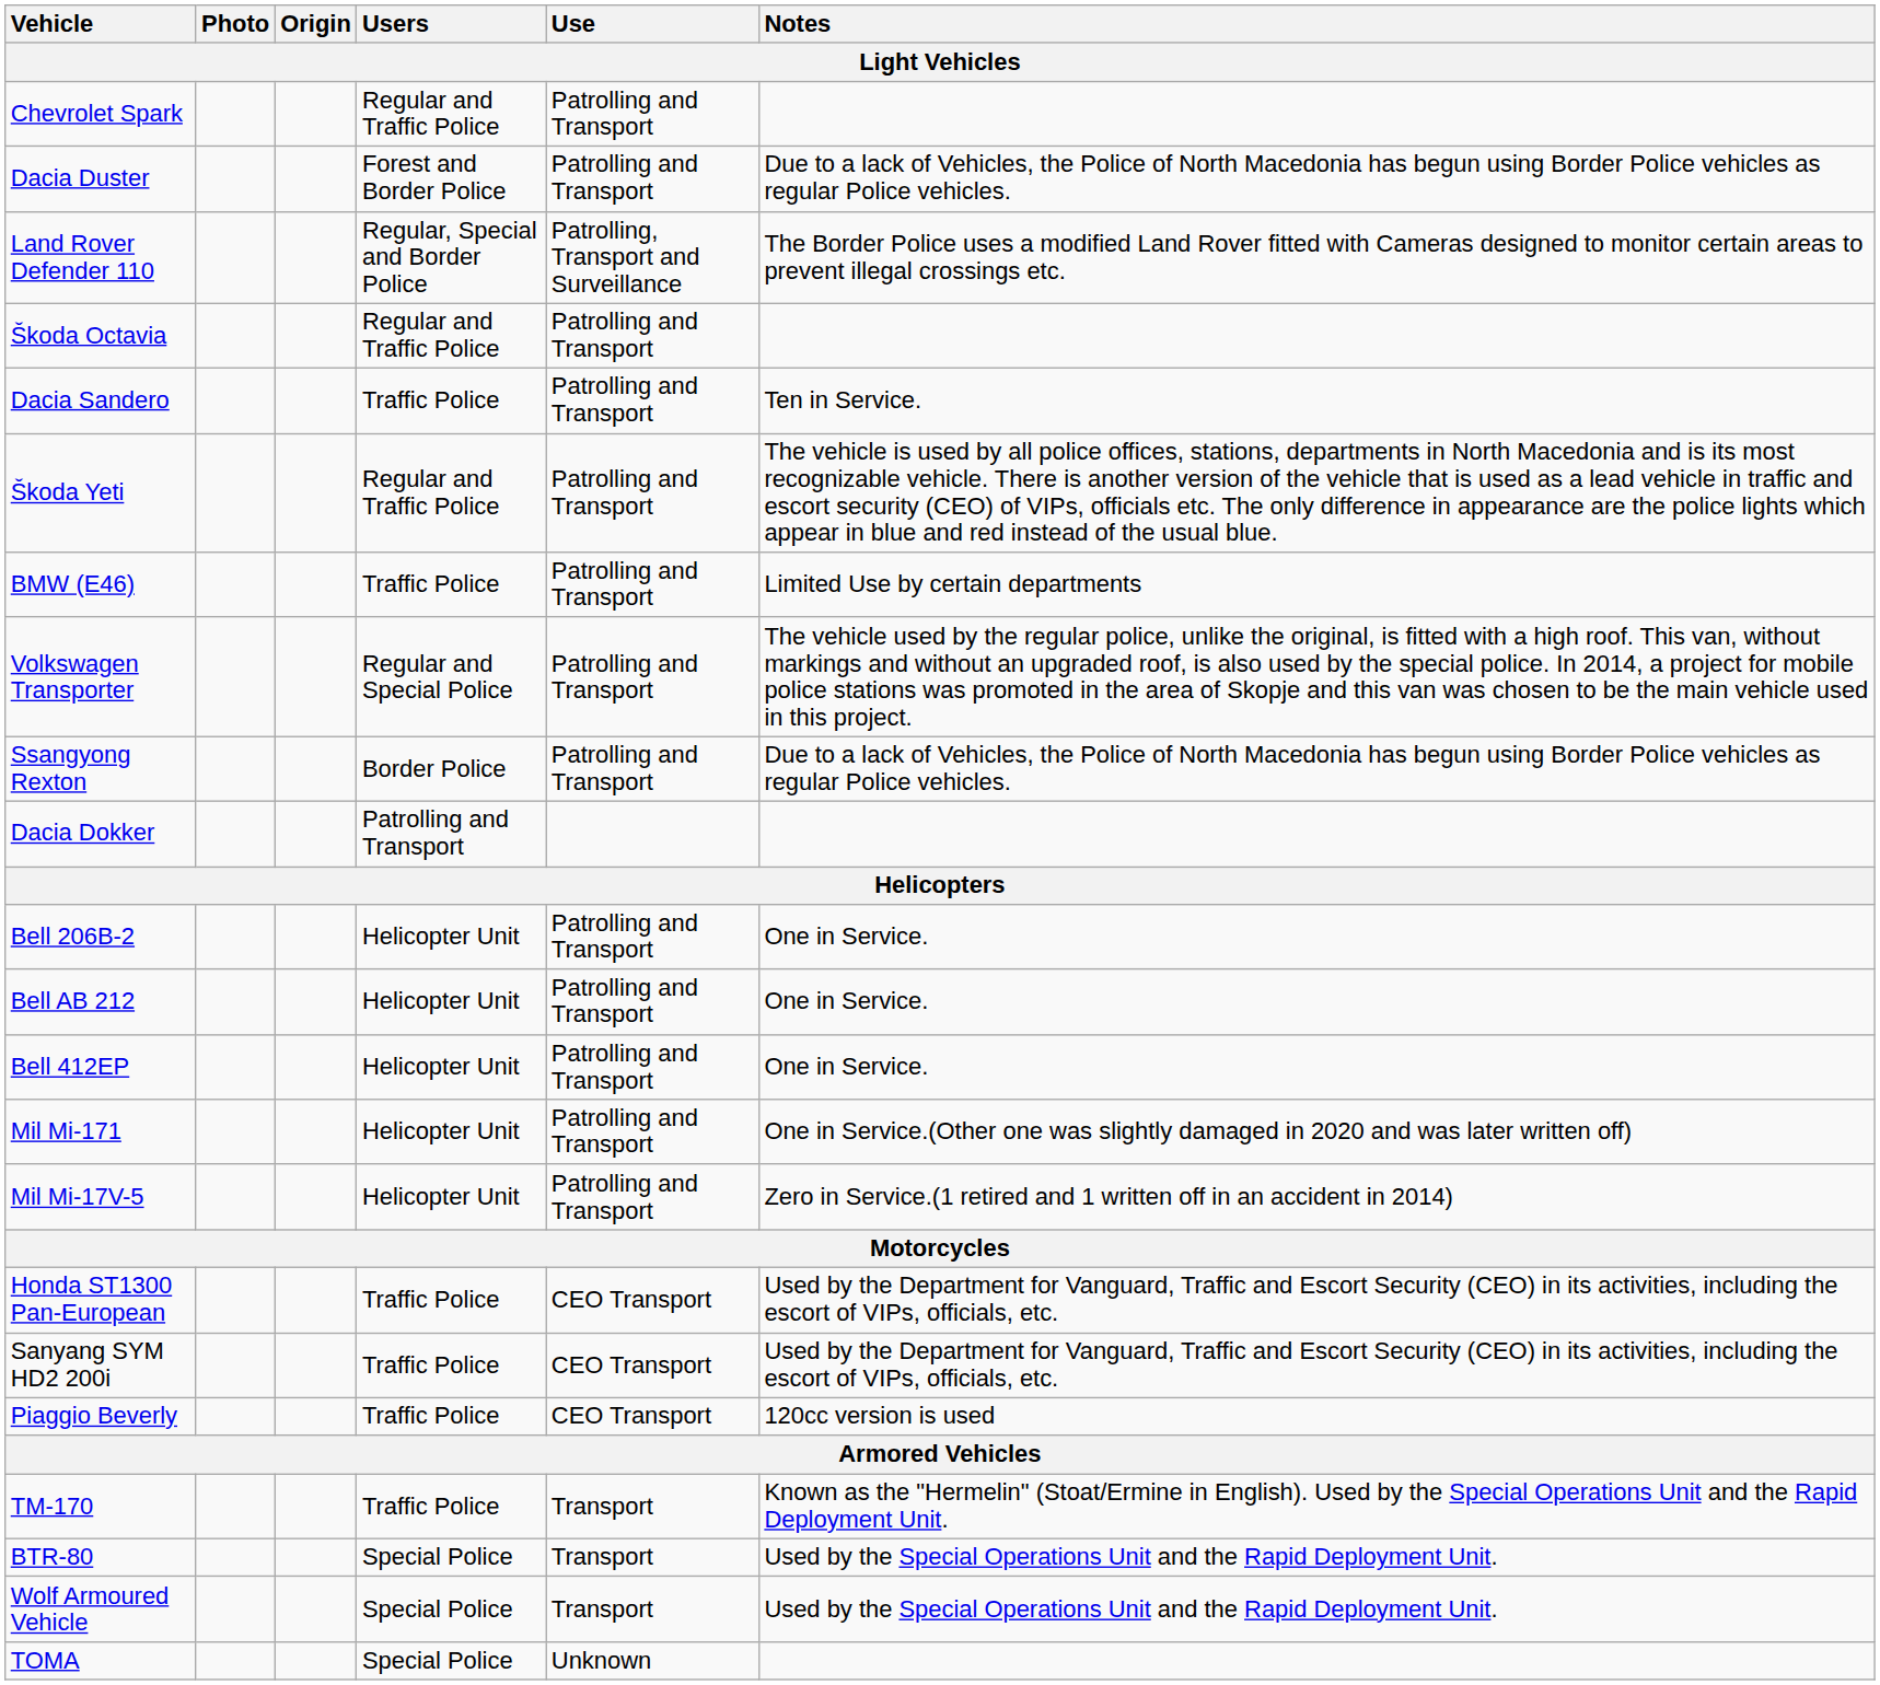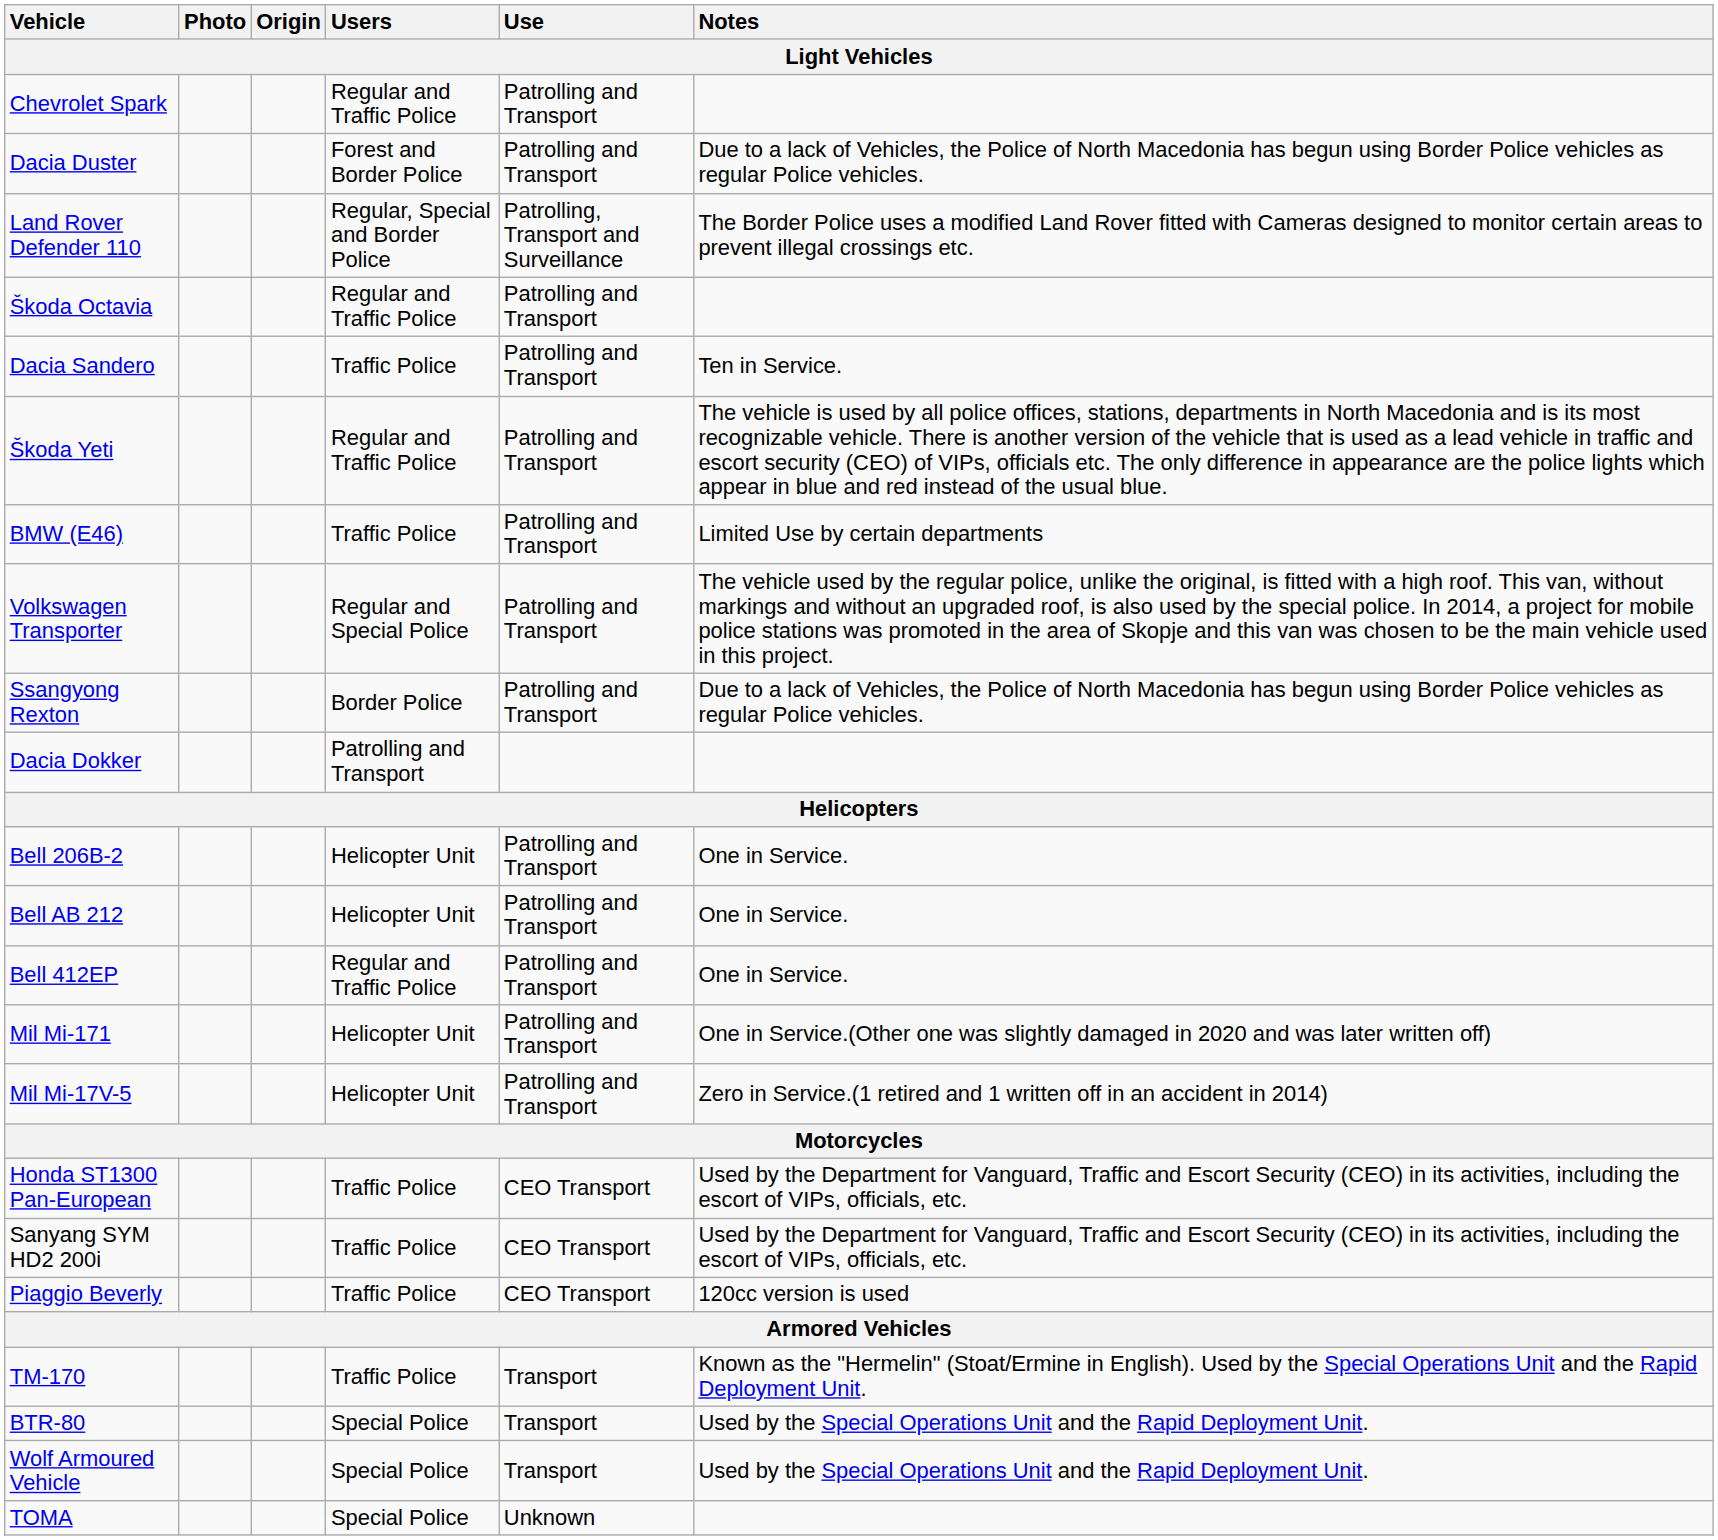 <table class="wikitable">
 <tr>
 <th style="text-align: left;">Vehicle</th>
 <th style="text-align: left;">Photo</th>
 <th style="text-align: left;">Origin</th>
 <th style="text-align: left;">Users</th>
 <th style="text-align: left;">Use</th>
 <th style="text-align: left;">Notes</th>
 </tr>
 <tr>
 <th style="align: center;" colspan=7>Light Vehicles</th>
 </tr>
 <tr>
 <td><a href='#'>Chevrolet Spark</a></td>
 <td></td>
 <td></td>
 <td>Regular and Traffic Police</td>
 <td>Patrolling and Transport</td>
 <td></td>
 </tr>
 <tr>
 <td><a href='#'>Dacia Duster</a></td>
 <td></td>
 <td></td>
 <td>Forest and Border Police</td>
 <td>Patrolling and Transport</td>
 <td>Due to a lack of Vehicles, the Police of North Macedonia has begun using Border Police vehicles as regular Police vehicles.</td>
 </tr>
 <tr>
 <td><a href='#'>Land Rover Defender 110</a></td>
 <td></td>
 <td></td>
 <td>Regular, Special and Border Police</td>
 <td>Patrolling, Transport and Surveillance</td>
 <td>The Border Police uses a modified Land Rover fitted with Cameras designed to monitor certain areas to prevent illegal crossings etc.</td>
 </tr>
 <tr>
 <td><a href='#'>Škoda Octavia</a></td>
 <td></td>
 <td></td>
 <td>Regular and Traffic Police</td>
 <td>Patrolling and Transport</td>
 <td></td>
 </tr>
 <tr>
 <td><a href='#'>Dacia Sandero</a></td>
 <td></td>
 <td></td>
 <td>Traffic Police</td>
 <td>Patrolling and Transport</td>
 <td>Ten in Service.</td>
 </tr>
 <tr>
 <td><a href='#'>Škoda Yeti</a></td>
 <td></td>
 <td></td>
 <td>Regular and Traffic Police</td>
 <td>Patrolling and Transport</td>
 <td>The vehicle is used by all police offices, stations, departments in North Macedonia and is its most recognizable vehicle. There is another version of the vehicle that is used as a lead vehicle in traffic and escort security (CEO) of VIPs, officials etc. The only difference in appearance are the police lights which appear in blue and red instead of the usual blue.</td>
 </tr>
 <tr>
 <td><a href='#'>BMW (E46)</a></td>
 <td></td>
 <td></td>
 <td>Traffic Police</td>
 <td>Patrolling and Transport</td>
 <td>Limited Use by certain departments </td>
 </tr>
 <tr>
 <td><a href='#'>Volkswagen Transporter</a></td>
 <td></td>
 <td></td>
 <td>Regular and Special Police</td>
 <td>Patrolling and Transport</td>
 <td>The vehicle used by the regular police, unlike the original, is fitted with a high roof. This van, without markings and without an upgraded roof, is also used by the special police. In 2014, a project for mobile police stations was promoted in the area of Skopje and this van was chosen to be the main vehicle used in this project.</td>
 </tr>
 <tr>
 <td><a href='#'>Ssangyong Rexton</a></td>
 <td></td>
 <td></td>
 <td>Border Police</td>
 <td>Patrolling and Transport</td>
 <td>Due to a lack of Vehicles, the Police of North Macedonia has begun using Border Police vehicles as regular Police vehicles.</td>
 </tr>
 <tr>
 <td><a href='#'>Dacia Dokker</a></td>
 <td></td>
 <td><br></td>
 <td>Patrolling and Transport</td>
 <td></td>
 </tr>
 <tr>
 <th style="align: center;" colspan=7>Helicopters</th>
 </tr>
 <tr>
 <td><a href='#'>Bell 206B-2</a></td>
 <td></td>
 <td><br></td>
 <td>Helicopter Unit</td>
 <td>Patrolling and Transport</td>
 <td>One in Service.</td>
 </tr>
 <tr>
 <td><a href='#'>Bell AB 212</a></td>
 <td></td>
 <td><br></td>
 <td>Helicopter Unit</td>
 <td>Patrolling and Transport</td>
 <td>One in Service.</td>
 </tr>
 <tr>
 <td><a href='#'>Bell 412EP</a></td>
 <td></td>
 <td><br></td>
-<td>Helicopter Unit</td>
+<td>Regular and Traffic Police</td>
 <td>Patrolling and Transport</td>
 <td>One in Service.</td>
 </tr>
 <tr>
 <td><a href='#'>Mil Mi-171</a></td>
 <td></td>
 <td><br></td>
 <td>Helicopter Unit</td>
 <td>Patrolling and Transport</td>
 <td>One in Service.(Other one was slightly damaged in 2020 and was later written off)</td>
 </tr>
 <tr>
 <td><a href='#'>Mil Mi-17V-5</a></td>
 <td></td>
 <td><br></td>
 <td>Helicopter Unit</td>
 <td>Patrolling and Transport</td>
 <td>Zero in Service.(1 retired and 1 written off in an accident in 2014)</td>
 </tr>
 <tr>
 <th style="align: center;" colspan=7>Motorcycles</th>
 </tr>
 <tr>
 <td><a href='#'>Honda ST1300 Pan-European</a></td>
 <td></td>
 <td></td>
 <td>Traffic Police</td>
 <td>CEO Transport</td>
 <td>Used by the Department for Vanguard, Traffic and Escort Security (CEO) in its activities, including the escort of VIPs, officials, etc.</td>
 </tr>
 <tr>
 <td>Sanyang SYM HD2 200i</td>
 <td></td>
 <td></td>
 <td>Traffic Police</td>
 <td>CEO Transport</td>
 <td>Used by the Department for Vanguard, Traffic and Escort Security (CEO) in its activities, including the escort of VIPs, officials, etc.</td>
 </tr>
 <tr>
 <td><a href='#'>Piaggio Beverly</a></td>
 <td></td>
 <td></td>
 <td>Traffic Police</td>
 <td>CEO Transport</td>
 <td>120cc version is used</td>
 </tr>
 <tr>
 <th style="align: center;" colspan=7>Armored Vehicles</th>
 </tr>
 <tr>
 <td><a href='#'>TM-170</a></td>
 <td></td>
 <td></td>
 <td>Traffic Police</td>
 <td>Transport</td>
 <td>Known as the "Hermelin" (Stoat/Ermine in English). Used by the <a href='#'>Special Operations Unit</a> and the <a href='#'>Rapid Deployment Unit</a>.</td>
 </tr>
 <tr>
 <td><a href='#'>BTR-80</a></td>
 <td></td>
 <td><br></td>
 <td>Special Police</td>
 <td>Transport</td>
 <td>Used by the <a href='#'>Special Operations Unit</a> and the <a href='#'>Rapid Deployment Unit</a>.</td>
 </tr>
 <tr>
 <td><a href='#'>Wolf Armoured Vehicle</a></td>
 <td></td>
 <td></td>
 <td>Special Police</td>
 <td>Transport</td>
 <td>Used by the <a href='#'>Special Operations Unit</a> and the <a href='#'>Rapid Deployment Unit</a>.</td>
 </tr>
 <tr>
 <td><a href='#'>TOMA</a></td>
 <td></td>
 <td></td>
 <td>Special Police</td>
 <td>Unknown</td>
 <td></td>
 </tr>
 </table>
